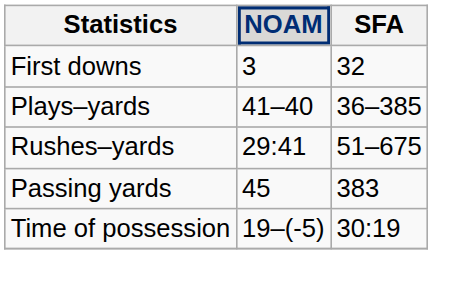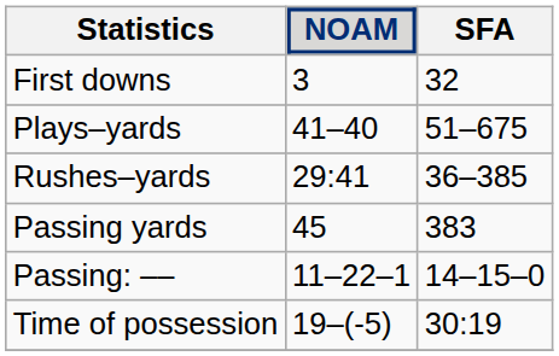 <table class="wikitable" style="float: left;">
 <tr>
 <th>Statistics</th>
 <th style="background-color:#D9D8D6;color:#002D74;box-shadow: inset 2px 2px 0 #002D74, inset -2px -2px 0 #002D74">NOAM</th>
 <th>SFA</th>
 </tr>
 <tr>
 <td>First downs</td>
 <td>3</td>
 <td>32</td>
 </tr>
 <tr>
 <td>Plays–yards</td>
 <td>41–40</td>
-<td>36–385</td>
+<td>51–675</td>
 </tr>
 <tr>
 <td>Rushes–yards</td>
 <td>29:41</td>
-<td>51–675</td>
+<td>36–385</td>
 </tr>
 <tr>
 <td>Passing yards</td>
 <td>45</td>
 <td>383</td>
+</tr>
+<tr>
+<td>Passing: ––</td>
+<td>11–22–1</td>
+<td>14–15–0</td>
 </tr>
 <tr>
 <td>Time of possession</td>
 <td>19–(-5)</td>
 <td>30:19</td>
 </tr>
 <tr>
 </tr>
 </table>
